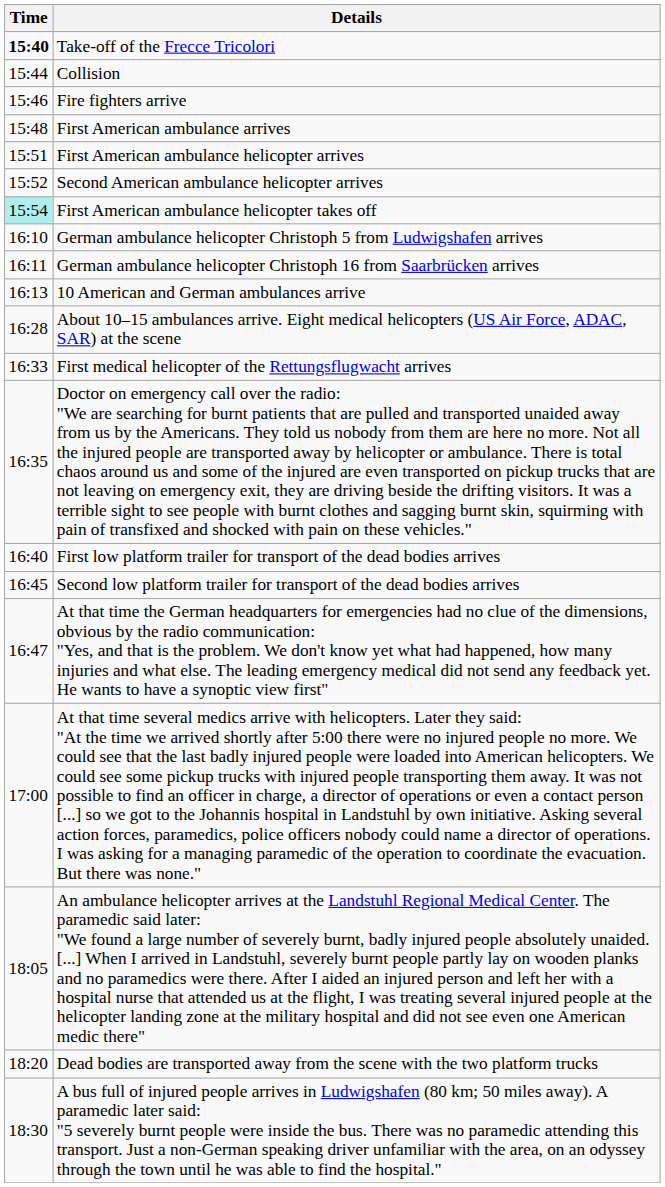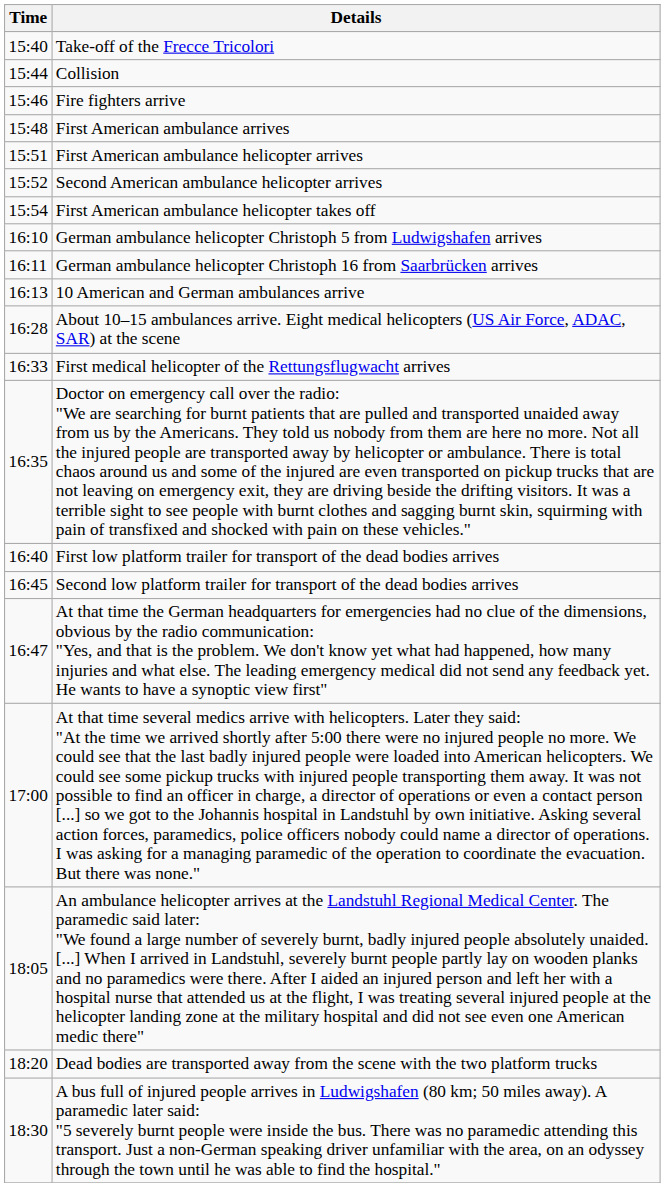 <table class="wikitable" border="1">
 <tr>
 <th>Time</th>
 <th>Details</th>
 </tr>
 <tr>
-<td><strong>15:40</strong></td>
+<td>15:40</td>
 <td>Take-off of the <a href='#'>Frecce Tricolori</a></td>
 </tr>
 <tr>
 <td>15:44</td>
 <td>Collision</td>
 </tr>
 <tr>
 <td>15:46</td>
 <td>Fire fighters arrive</td>
 </tr>
 <tr>
 <td>15:48</td>
 <td>First American ambulance arrives</td>
 </tr>
 <tr>
 <td>15:51</td>
 <td>First American ambulance helicopter arrives</td>
 </tr>
 <tr>
 <td>15:52</td>
 <td>Second American ambulance helicopter arrives</td>
 </tr>
 <tr>
-<td style="background: paleturquoise;">15:54</td>
+<td>15:54</td>
 <td>First American ambulance helicopter takes off</td>
 </tr>
 <tr>
 <td>16:10</td>
 <td>German ambulance helicopter Christoph 5 from <a href='#'>Ludwigshafen</a> arrives</td>
 </tr>
 <tr>
 <td>16:11</td>
 <td>German ambulance helicopter Christoph 16 from <a href='#'>Saarbrücken</a> arrives</td>
 </tr>
 <tr>
 <td>16:13</td>
 <td>10 American and German ambulances arrive</td>
 </tr>
 <tr>
 <td>16:28</td>
 <td>About 10–15 ambulances arrive. Eight medical helicopters (<a href='#'>US Air Force</a>, <a href='#'>ADAC</a>, <a href='#'>SAR</a>) at the scene</td>
 </tr>
 <tr>
 <td>16:33</td>
 <td>First medical helicopter of the <a href='#'>Rettungsflugwacht</a> arrives</td>
 </tr>
 <tr>
 <td>16:35</td>
 <td>Doctor on emergency call over the radio: <br> "We are searching for burnt patients that are pulled and transported unaided away from us by the Americans. They told us nobody from them are here no more. Not all the injured people are transported away by helicopter or ambulance. There is total chaos around us and some of the injured are even transported on pickup trucks that are not leaving on emergency exit, they are driving beside the drifting visitors. It was a terrible sight to see people with burnt clothes and sagging burnt skin, squirming with pain of transfixed and shocked with pain on these vehicles."</td>
 </tr>
 <tr>
 <td>16:40</td>
 <td>First low platform trailer for transport of the dead bodies arrives</td>
 </tr>
 <tr>
 <td>16:45</td>
 <td>Second low platform trailer for transport of the dead bodies arrives</td>
 </tr>
 <tr>
 <td>16:47</td>
 <td>At that time the German headquarters for emergencies had no clue of the dimensions, obvious by the radio communication:<br> "Yes, and that is the problem. We don't know yet what had happened, how many injuries and what else. The leading emergency medical did not send any feedback yet. He wants to have a synoptic view first"</td>
 </tr>
 <tr>
 <td>17:00</td>
 <td>At that time several medics arrive with helicopters. Later they said:<br> "At the time we arrived shortly after 5:00 there were no injured people no more. We could see that the last badly injured people were loaded into American helicopters. We could see some pickup trucks with injured people transporting them away. It was not possible to find an officer in charge, a director of operations or even a contact person [...] so we got to the Johannis hospital in Landstuhl by own initiative. Asking several action forces, paramedics, police officers nobody could name a director of operations. I was asking for a managing paramedic of the operation to coordinate the evacuation. But there was none."</td>
 </tr>
 <tr>
 <td>18:05</td>
 <td>An ambulance helicopter arrives at the <a href='#'>Landstuhl Regional Medical Center</a>. The paramedic said later:<br> "We found a large number of severely burnt, badly injured people absolutely unaided. [...] When I arrived in Landstuhl, severely burnt people partly lay on wooden planks and no paramedics were there. After I aided an injured person and left her with a hospital nurse that attended us at the flight, I was treating several injured people at the helicopter landing zone at the military hospital and did not see even one American medic there"</td>
 </tr>
 <tr>
 <td>18:20</td>
 <td>Dead bodies are transported away from the scene with the two platform trucks</td>
 </tr>
 <tr>
 <td>18:30</td>
 <td>A bus full of injured people arrives in <a href='#'>Ludwigshafen</a> (80 km; 50 miles away). A paramedic later said:<br> "5 severely burnt people were inside the bus. There was no paramedic attending this transport. Just a non-German speaking driver unfamiliar with the area, on an odyssey through the town until he was able to find the hospital."</td>
 </tr>
 </table>
